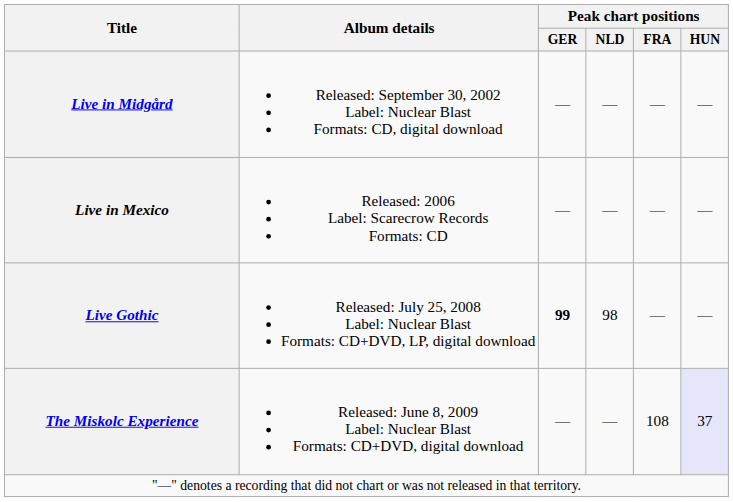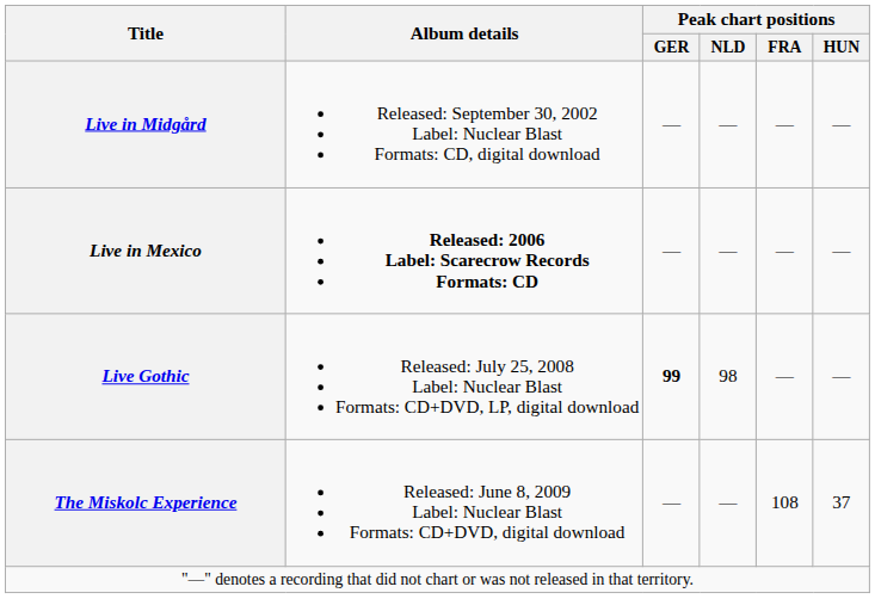 <table class="wikitable plainrowheaders" style="text-align:center;">
 <tr>
 <th scope="col" rowspan="2" style="width:15em;">Title</th>
 <th scope="col" rowspan="2">Album details</th>
 <th scope="col" colspan="4">Peak chart positions</th>
 </tr>
 <tr>
 <th scope="col" style="width:3em;font-size:90%;">GER<br></th>
 <th scope="col" style="width:3em;font-size:90%;">NLD<br></th>
 <th scope="col" style="width:3em;font-size:90%;">FRA<br></th>
 <th scope="col" style="width:3em;font-size:90%;">HUN<br></th>
 </tr>
 <tr>
 <th scope="row"><em><a href='#'>Live in Midgård</a></em></th>
 <td><br><ul><li>Released: September 30, 2002</li><li>Label: Nuclear Blast</li><li>Formats: CD, digital download</li></ul></td>
 <td>—</td>
 <td>—</td>
 <td>—</td>
 <td>—</td>
 </tr>
 <tr>
 <th scope="row"><em>Live in Mexico</em></th>
-<td><br><ul><li>Released: 2006</li><li>Label: Scarecrow Records</li><li>Formats: CD</li></ul></td>
+<td><strong><br><ul><li>Released: 2006</li><li>Label: Scarecrow Records</li><li>Formats: CD</li></ul></strong></td>
 <td>—</td>
 <td>—</td>
 <td>—</td>
 <td>—</td>
 </tr>
 <tr>
 <th scope="row"><em><a href='#'>Live Gothic</a></em></th>
 <td><br><ul><li>Released: July 25, 2008</li><li>Label: Nuclear Blast</li><li>Formats: CD+DVD, LP, digital download</li></ul></td>
 <td><strong>99</strong></td>
 <td>98</td>
 <td>—</td>
 <td>—</td>
 </tr>
 <tr>
 <th scope="row"><em><a href='#'>The Miskolc Experience</a></em></th>
 <td><br><ul><li>Released: June 8, 2009</li><li>Label: Nuclear Blast</li><li>Formats: CD+DVD, digital download</li></ul></td>
 <td>—</td>
 <td>—</td>
 <td>108</td>
-<td style="background: lavender;">37</td>
+<td>37</td>
 </tr>
 <tr>
 <td colspan="10" style="font-size:90%">"—" denotes a recording that did not chart or was not released in that territory.</td>
 </tr>
 </table>
